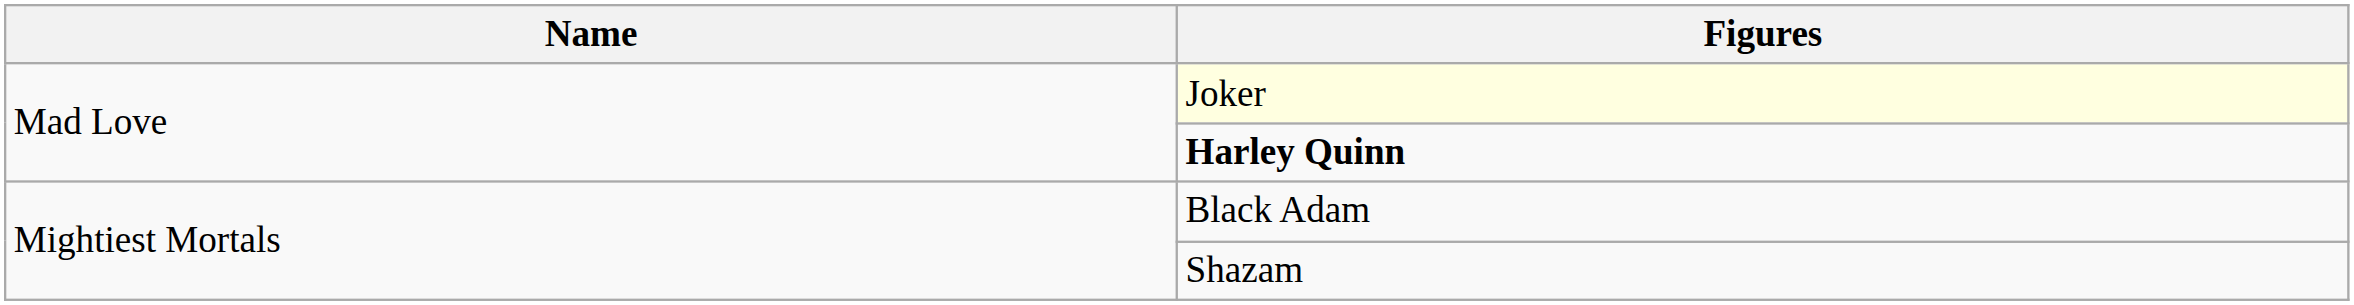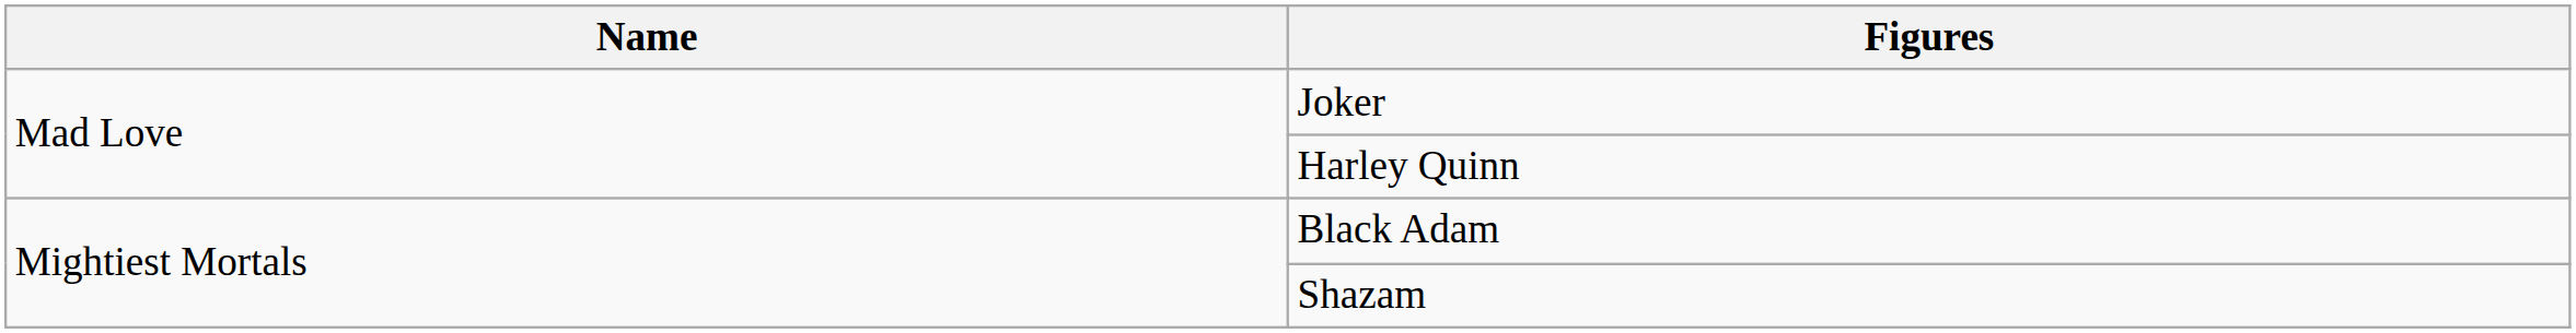 <table class="wikitable" style="width:80%;">
 <tr>
 <th width=20%><strong>Name</strong></th>
 <th width=20%><strong>Figures</strong></th>
 </tr>
 <tr>
 <td rowspan=2>Mad Love</td>
-<td style="background: lightyellow;">Joker</td>
+<td>Joker</td>
 </tr>
 <tr>
-<td><strong>Harley Quinn</strong></td>
+<td>Harley Quinn</td>
 </tr>
 <tr>
 <td rowspan=2>Mightiest Mortals</td>
 <td>Black Adam</td>
 </tr>
 <tr>
 <td>Shazam</td>
 </tr>
 </table>
